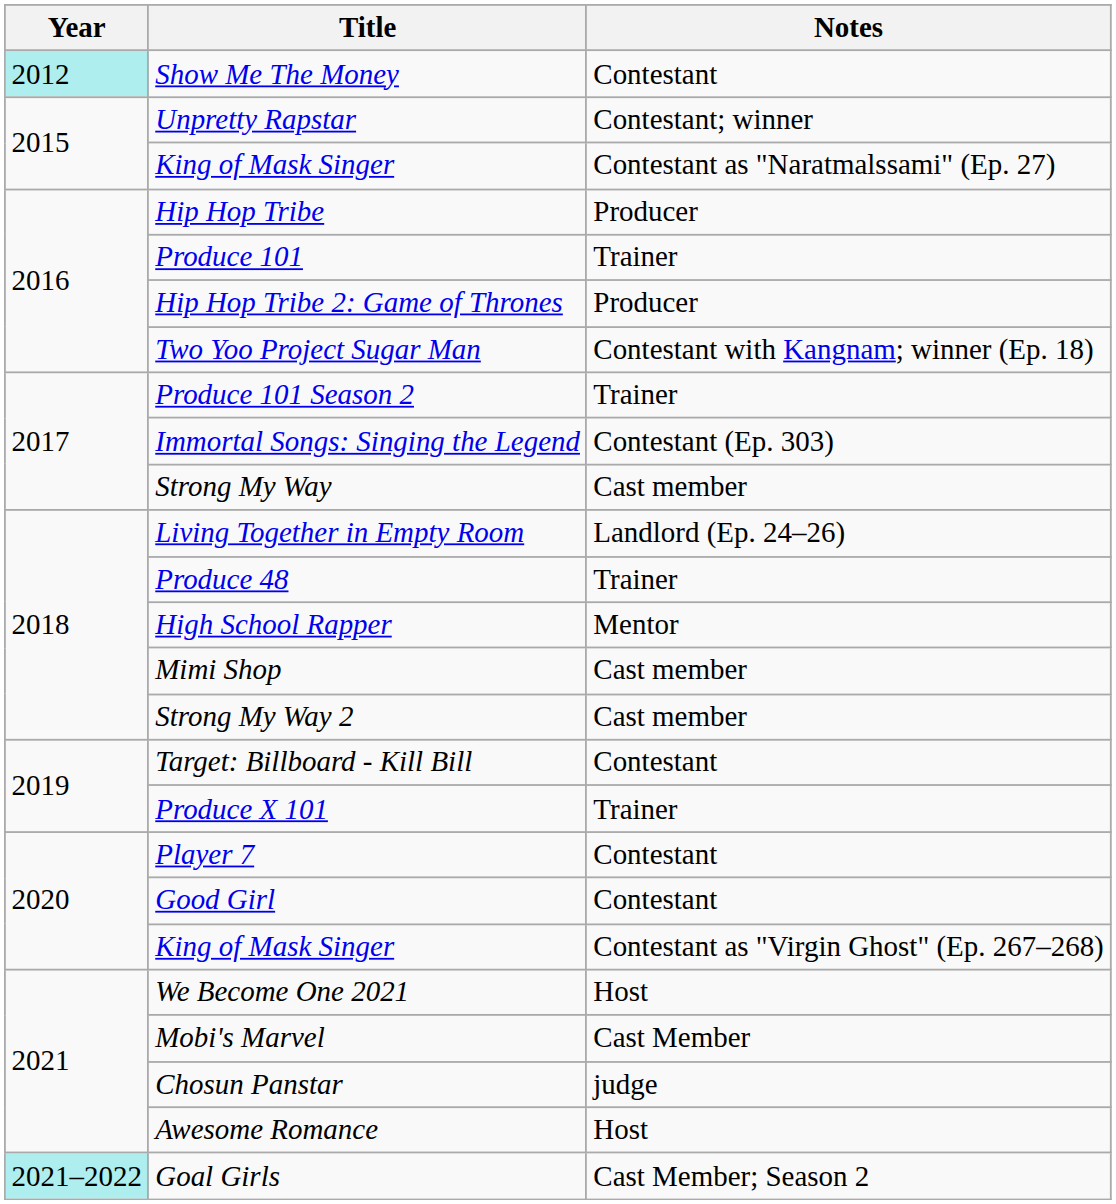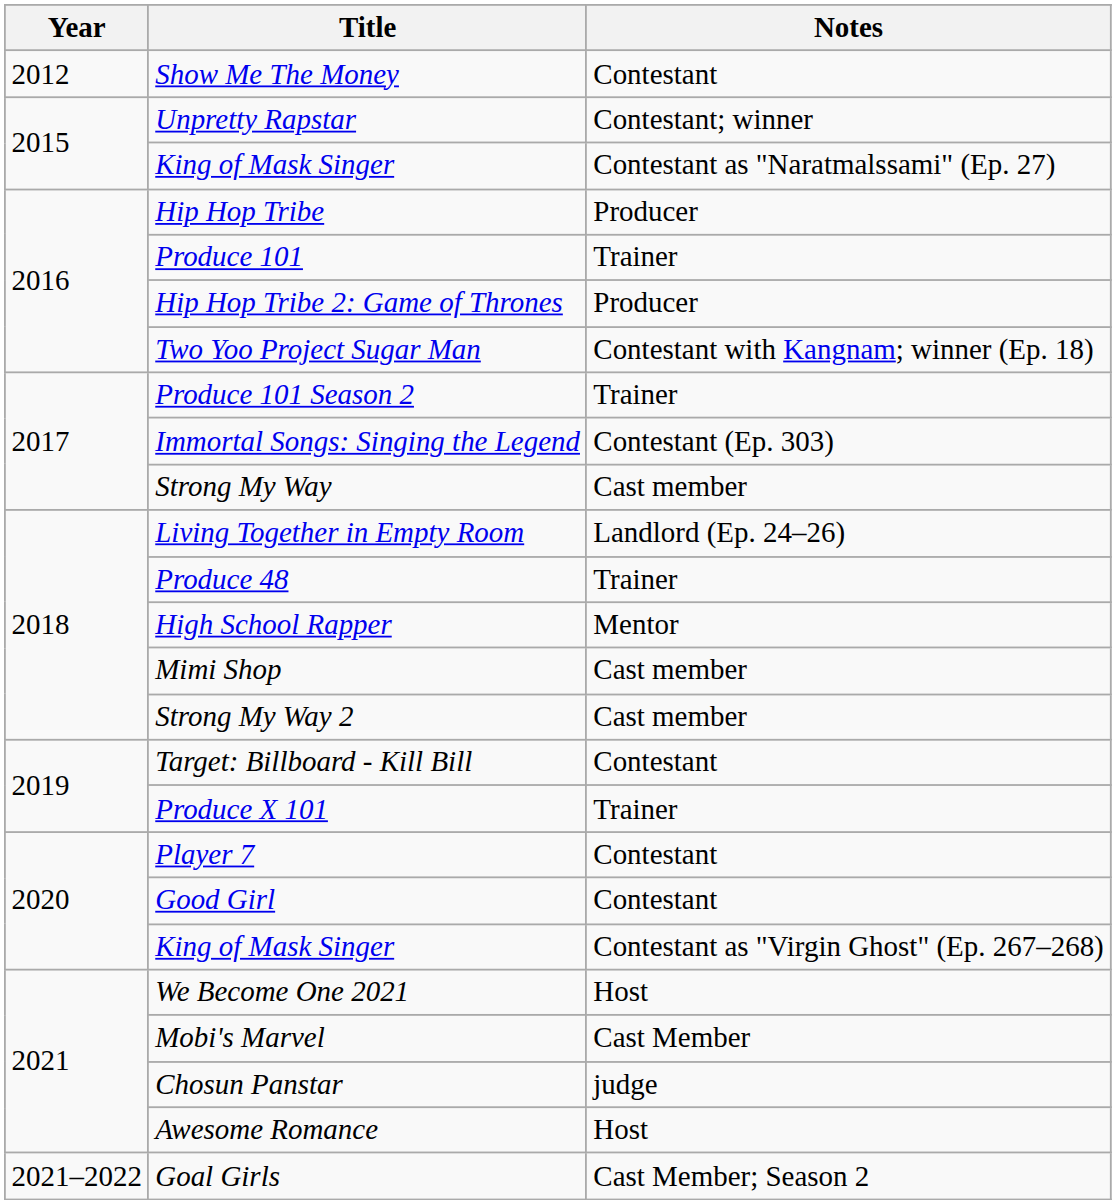 <table class="wikitable">
 <tr>
 <th>Year</th>
 <th>Title</th>
 <th>Notes</th>
 </tr>
 <tr>
-<td style="background: paleturquoise;">2012</td>
+<td>2012</td>
 <td><em><a href='#'>Show Me The Money</a></em></td>
 <td>Contestant</td>
 </tr>
 <tr>
 <td rowspan="2">2015</td>
 <td><em><a href='#'>Unpretty Rapstar</a></em></td>
 <td>Contestant; winner</td>
 </tr>
 <tr>
 <td><em><a href='#'>King of Mask Singer</a></em></td>
 <td>Contestant as "Naratmalssami" (Ep. 27)</td>
 </tr>
 <tr>
 <td rowspan="4">2016</td>
 <td><em><a href='#'>Hip Hop Tribe</a></em></td>
 <td>Producer</td>
 </tr>
 <tr>
 <td><em><a href='#'>Produce 101</a></em></td>
 <td>Trainer</td>
 </tr>
 <tr>
 <td><em><a href='#'>Hip Hop Tribe 2: Game of Thrones</a></em></td>
 <td>Producer</td>
 </tr>
 <tr>
 <td><em><a href='#'>Two Yoo Project Sugar Man</a></em></td>
 <td>Contestant with <a href='#'>Kangnam</a>; winner (Ep. 18)</td>
 </tr>
 <tr>
 <td rowspan="3">2017</td>
 <td><em><a href='#'>Produce 101 Season 2</a></em></td>
 <td>Trainer</td>
 </tr>
 <tr>
 <td><em><a href='#'>Immortal Songs: Singing the Legend</a></em></td>
 <td>Contestant (Ep. 303)</td>
 </tr>
 <tr>
 <td><em>Strong My Way</em></td>
 <td>Cast member</td>
 </tr>
 <tr>
 <td rowspan="5">2018</td>
 <td><em><a href='#'>Living Together in Empty Room</a></em></td>
 <td>Landlord (Ep. 24–26)</td>
 </tr>
 <tr>
 <td><em><a href='#'>Produce 48</a></em></td>
 <td>Trainer</td>
 </tr>
 <tr>
 <td><em><a href='#'>High School Rapper</a></em></td>
 <td>Mentor</td>
 </tr>
 <tr>
 <td><em>Mimi Shop</em></td>
 <td>Cast member</td>
 </tr>
 <tr>
 <td><em>Strong My Way 2</em></td>
 <td>Cast member</td>
 </tr>
 <tr>
 <td rowspan="2">2019</td>
 <td><em>Target: Billboard - Kill Bill</em></td>
 <td>Contestant</td>
 </tr>
 <tr>
 <td><em><a href='#'>Produce X 101</a></em></td>
 <td>Trainer</td>
 </tr>
 <tr>
 <td rowspan="3">2020</td>
 <td><em><a href='#'>Player 7</a></em></td>
 <td>Contestant</td>
 </tr>
 <tr>
 <td><em><a href='#'>Good Girl</a></em></td>
 <td>Contestant</td>
 </tr>
 <tr>
 <td><em><a href='#'>King of Mask Singer</a></em></td>
 <td>Contestant as "Virgin Ghost" (Ep. 267–268)</td>
 </tr>
 <tr>
 <td rowspan="4">2021</td>
 <td><em> We Become One 2021</em></td>
 <td>Host </td>
 </tr>
 <tr>
 <td><em> Mobi's Marvel </em></td>
 <td>Cast Member </td>
 </tr>
 <tr>
 <td><em>Chosun Panstar</em></td>
 <td>judge  </td>
 </tr>
 <tr>
 <td><em>Awesome Romance</em></td>
 <td>Host</td>
 </tr>
 <tr>
-<td style="background: paleturquoise;">2021–2022</td>
+<td>2021–2022</td>
 <td><em>Goal Girls</em></td>
 <td>Cast Member; Season 2</td>
 </tr>
 </table>
